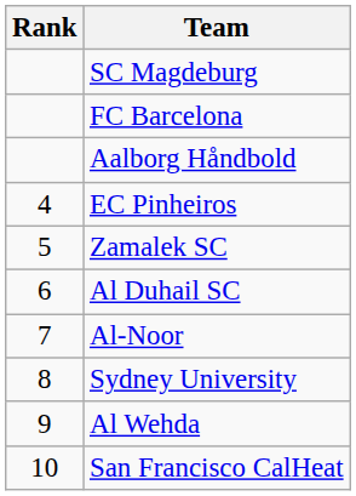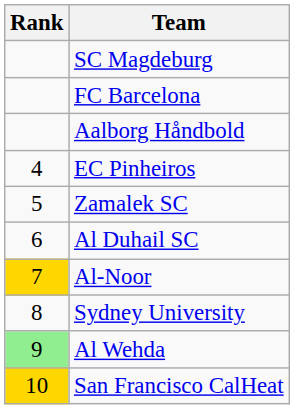 <table class="wikitable">
 <tr>
 <th>Rank</th>
 <th>Team</th>
 </tr>
 <tr>
 <td align=center></td>
 <td> <a href='#'>SC Magdeburg</a></td>
 </tr>
 <tr>
 <td align=center></td>
 <td> <a href='#'>FC Barcelona</a></td>
 </tr>
 <tr>
 <td align=center></td>
 <td> <a href='#'>Aalborg Håndbold</a></td>
 </tr>
 <tr>
 <td align=center>4</td>
 <td> <a href='#'>EC Pinheiros</a></td>
 </tr>
 <tr>
 <td align=center>5</td>
 <td> <a href='#'>Zamalek SC</a></td>
 </tr>
 <tr>
 <td align=center>6</td>
 <td> <a href='#'>Al Duhail SC</a></td>
 </tr>
 <tr>
-<td align=center>7</td>
+<td align=center style="background: gold;">7</td>
 <td> <a href='#'>Al-Noor</a></td>
 </tr>
 <tr>
 <td align=center>8</td>
 <td> <a href='#'>Sydney University</a></td>
 </tr>
 <tr>
-<td align=center>9</td>
+<td align=center style="background: lightgreen;">9</td>
 <td> <a href='#'>Al Wehda</a></td>
 </tr>
 <tr>
-<td align=center>10</td>
+<td align=center style="background: gold;">10</td>
 <td> <a href='#'>San Francisco CalHeat</a></td>
 </tr>
 </table>
